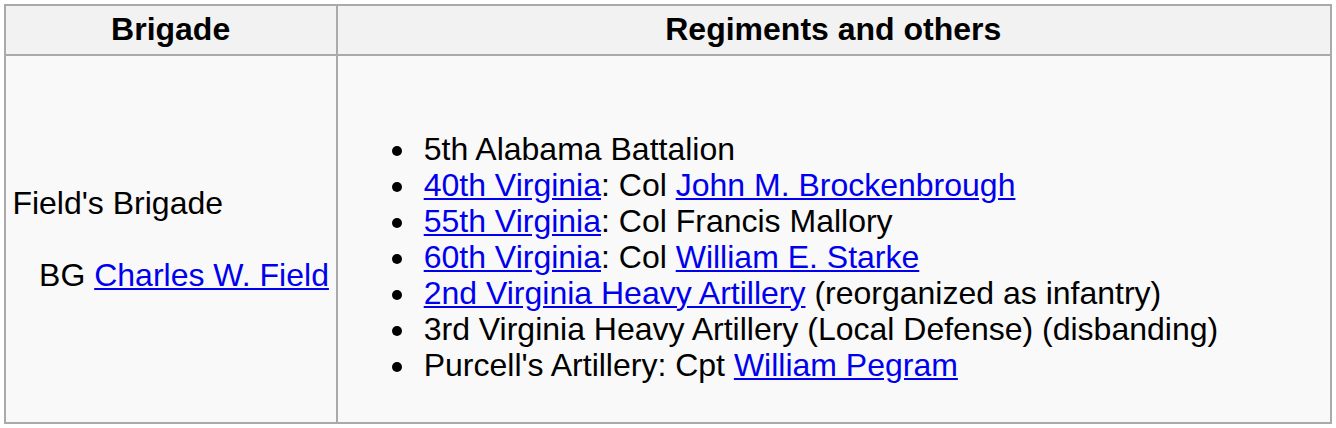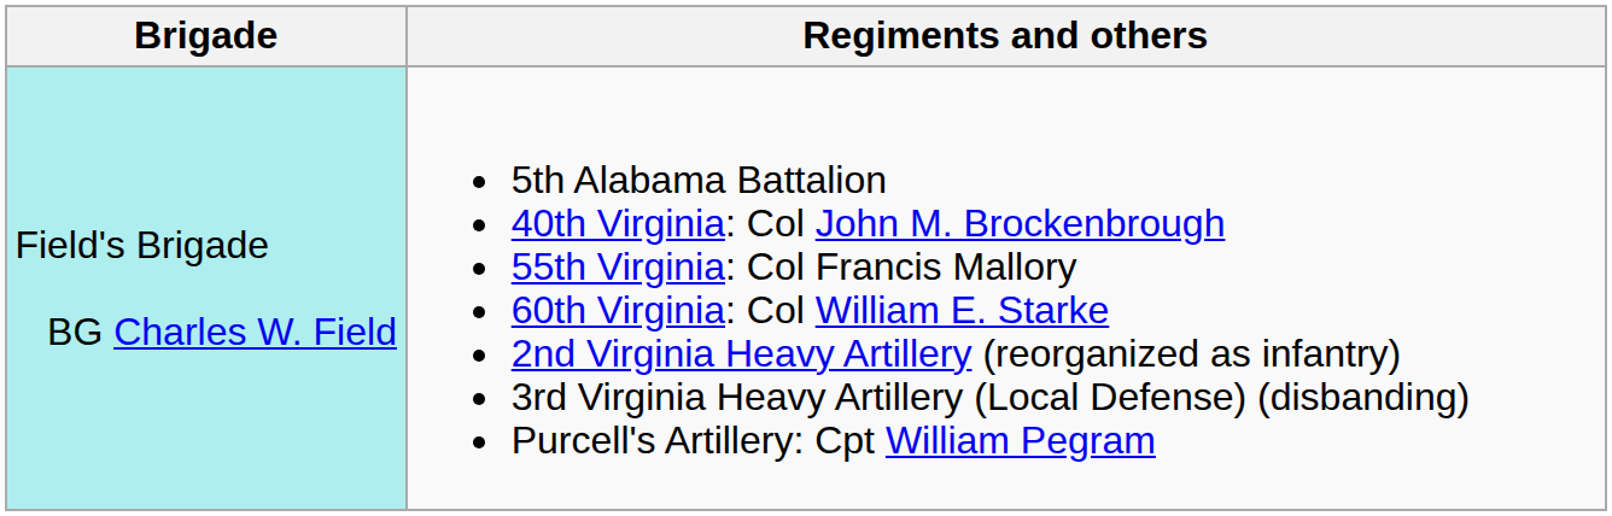 <table class="wikitable">
 <tr>
 <th width=25%>Brigade</th>
 <th>Regiments and others</th>
 </tr>
 <tr>
-<td>Field's Brigade<br><br>   BG <a href='#'>Charles W. Field</a></td>
+<td style="background: paleturquoise;">Field's Brigade<br><br>   BG <a href='#'>Charles W. Field</a></td>
 <td><br><ul><li>5th Alabama Battalion</li><li><a href='#'>40th Virginia</a>: Col <a href='#'>John M. Brockenbrough</a></li><li><a href='#'>55th Virginia</a>: Col Francis Mallory</li><li><a href='#'>60th Virginia</a>: Col <a href='#'>William E. Starke</a></li><li><a href='#'>2nd Virginia Heavy Artillery</a> (reorganized as infantry)</li><li>3rd Virginia Heavy Artillery (Local Defense) (disbanding)</li><li>Purcell's Artillery: Cpt <a href='#'>William Pegram</a></li></ul></td>
 </tr>
 </table>
